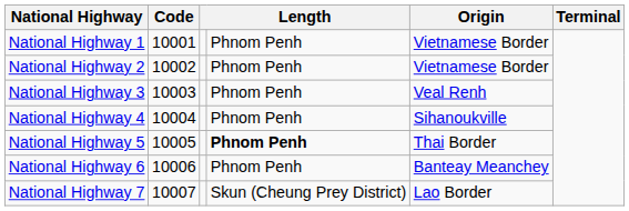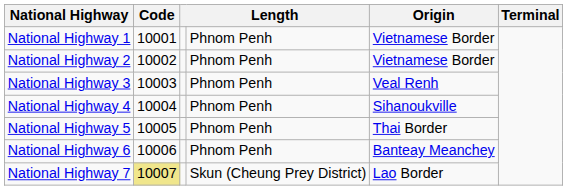 <table class="wikitable">
 <tr>
 <th>National Highway</th>
 <th>Code</th>
 <th colspan="2">Length</th>
 <th>Origin</th>
 <th>Terminal</th>
 </tr>
 <tr>
 <td><a href='#'>National Highway 1</a></td>
 <td>10001</td>
 <td></td>
 <td>Phnom Penh</td>
 <td><a href='#'>Vietnamese</a> Border</td>
 </tr>
 <tr>
 <td><a href='#'>National Highway 2</a></td>
 <td>10002</td>
 <td></td>
 <td>Phnom Penh</td>
 <td><a href='#'>Vietnamese</a> Border</td>
 </tr>
 <tr>
 <td><a href='#'>National Highway 3</a></td>
 <td>10003</td>
 <td></td>
 <td>Phnom Penh</td>
 <td><a href='#'>Veal Renh</a></td>
 </tr>
 <tr>
 <td><a href='#'>National Highway 4</a></td>
 <td>10004</td>
 <td></td>
 <td>Phnom Penh</td>
 <td><a href='#'>Sihanoukville</a></td>
 </tr>
 <tr>
 <td><a href='#'>National Highway 5</a></td>
 <td>10005</td>
 <td></td>
-<td><strong>Phnom Penh</strong></td>
+<td>Phnom Penh</td>
 <td><a href='#'>Thai</a> Border</td>
 </tr>
 <tr>
 <td><a href='#'>National Highway 6</a></td>
 <td>10006</td>
 <td></td>
 <td>Phnom Penh</td>
 <td><a href='#'>Banteay Meanchey</a></td>
 </tr>
 <tr>
 <td><a href='#'>National Highway 7</a></td>
-<td>10007</td>
+<td style="background: khaki;">10007</td>
 <td></td>
 <td>Skun (Cheung Prey District)</td>
 <td><a href='#'>Lao</a> Border</td>
 </tr>
 </table>
